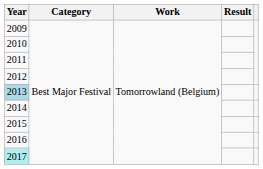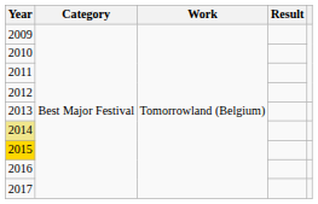 <table class="wikitable">
 <tr>
 <th>Year</th>
 <th>Category</th>
 <th>Work</th>
 <th>Result</th>
 <th></th>
 </tr>
 <tr>
 <td>2009</td>
 <td rowspan="9">Best Major Festival</td>
 <td rowspan="9">Tomorrowland (Belgium)</td>
 <td></td>
 <td rowspan="4"></td>
 </tr>
 <tr>
 <td>2010</td>
 <td></td>
 </tr>
 <tr>
 <td>2011</td>
 <td></td>
 </tr>
 <tr>
 <td>2012</td>
 <td></td>
 </tr>
 <tr>
-<td style="background: lightblue;">2013</td>
+<td>2013</td>
 <td></td>
 <td></td>
 </tr>
 <tr>
-<td>2014</td>
+<td style="background: khaki;">2014</td>
 <td></td>
 <td></td>
 </tr>
 <tr>
-<td>2015</td>
+<td style="background: gold;">2015</td>
 <td></td>
 <td></td>
 </tr>
 <tr>
 <td>2016</td>
 <td></td>
 <td></td>
 </tr>
 <tr>
-<td style="background: paleturquoise;">2017</td>
+<td>2017</td>
 <td></td>
 <td></td>
 </tr>
 </table>
